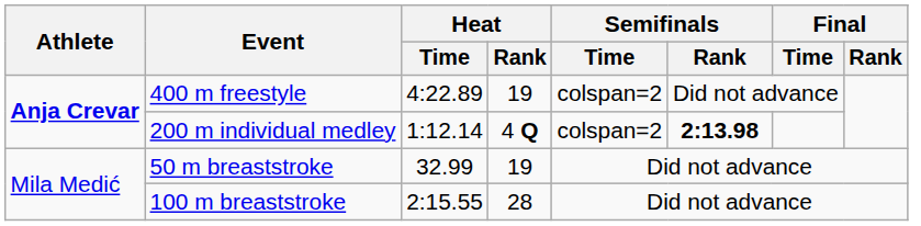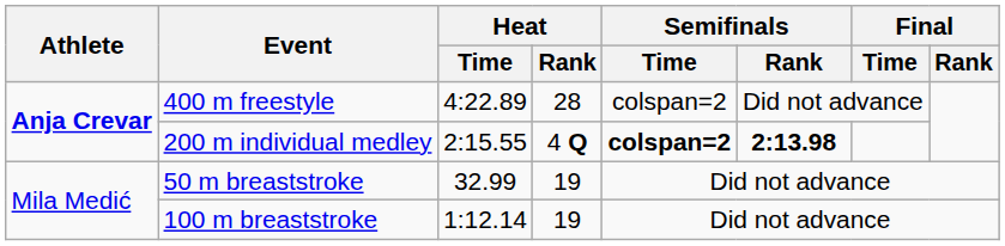 <table class=wikitable style="font-size:90%">
 <tr>
 <th rowspan=2>Athlete</th>
 <th rowspan=2>Event</th>
 <th colspan="2">Heat</th>
 <th colspan="2">Semifinals</th>
 <th colspan="2">Final</th>
 </tr>
 <tr style="font-size:95%">
 <th>Time</th>
 <th>Rank</th>
 <th>Time</th>
 <th>Rank</th>
 <th>Time</th>
 <th>Rank</th>
 </tr>
 <tr align=center>
 <td align=left rowspan=2><strong><a href='#'>Anja Crevar</a></strong></td>
 <td align=left><a href='#'>400 m freestyle</a></td>
 <td>4:22.89</td>
-<td>19</td>
+<td>28</td>
 <td>colspan=2 </td>
 <td colspan=2>Did not advance</td>
 </tr>
 <tr align=center>
 <td align=left><a href='#'>200 m individual medley</a></td>
-<td>1:12.14</td>
+<td>2:15.55</td>
 <td>4 <strong>Q</strong></td>
-<td>colspan=2 </td>
+<td><strong>colspan=2 </strong></td>
 <td><strong>2:13.98</strong></td>
 <td></td>
 </tr>
 <tr align=center>
 <td align=left rowspan=2><a href='#'>Mila Medić</a></td>
 <td align=left><a href='#'>50 m breaststroke</a></td>
 <td>32.99</td>
 <td>19</td>
 <td colspan=4>Did not advance</td>
 </tr>
 <tr align=center>
 <td align=left><a href='#'>100 m breaststroke</a></td>
-<td>2:15.55</td>
-<td>28</td>
+<td>1:12.14</td>
+<td>19</td>
 <td colspan=4>Did not advance</td>
 </tr>
 </table>
